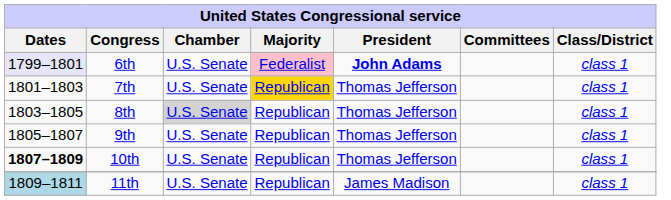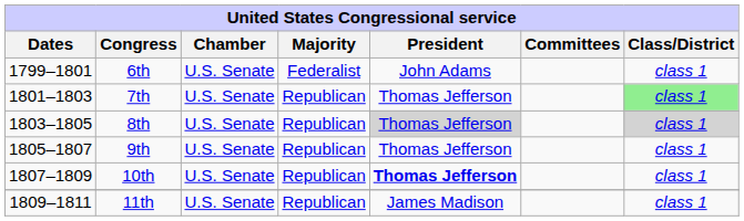 <table class=wikitable style="text-align: center;">
 <tr>
 <th colspan=7 style="background: #ccccff;">United States Congressional service</th>
 </tr>
 <tr>
 <th>Dates</th>
 <th>Congress</th>
 <th>Chamber</th>
 <th>Majority</th>
 <th>President</th>
 <th>Committees</th>
 <th>Class/District</th>
 </tr>
 <tr>
-<td style="background: lavender;">1799–1801</td>
+<td>1799–1801</td>
 <td><a href='#'>6th</a></td>
 <td><a href='#'>U.S. Senate</a></td>
-<td style="background: pink;"><a href='#'>Federalist</a></td>
-<td><strong><a href='#'>John Adams</a></strong></td>
+<td><a href='#'>Federalist</a></td>
+<td><a href='#'>John Adams</a></td>
 <td></td>
 <td><a href='#'><em>class 1</em></a></td>
 </tr>
 <tr>
 <td>1801–1803</td>
 <td><a href='#'>7th</a></td>
 <td><a href='#'>U.S. Senate</a></td>
-<td style="background: gold;"><a href='#'>Republican</a></td>
+<td><a href='#'>Republican</a></td>
 <td><a href='#'>Thomas Jefferson</a></td>
 <td></td>
-<td><a href='#'><em>class 1</em></a></td>
+<td style="background: lightgreen;"><a href='#'><em>class 1</em></a></td>
 </tr>
 <tr>
 <td>1803–1805</td>
 <td><a href='#'>8th</a></td>
-<td style="background: lightgrey;"><a href='#'>U.S. Senate</a></td>
+<td><a href='#'>U.S. Senate</a></td>
 <td><a href='#'>Republican</a></td>
-<td><a href='#'>Thomas Jefferson</a></td>
+<td style="background: lightgrey;"><a href='#'>Thomas Jefferson</a></td>
 <td></td>
-<td><a href='#'><em>class 1</em></a></td>
+<td style="background: lightgrey;"><a href='#'><em>class 1</em></a></td>
 </tr>
 <tr>
 <td>1805–1807</td>
 <td><a href='#'>9th</a></td>
 <td><a href='#'>U.S. Senate</a></td>
 <td><a href='#'>Republican</a></td>
 <td><a href='#'>Thomas Jefferson</a></td>
 <td></td>
 <td><a href='#'><em>class 1</em></a></td>
 </tr>
 <tr>
-<td><strong>1807–1809</strong></td>
+<td>1807–1809</td>
 <td><a href='#'>10th</a></td>
 <td><a href='#'>U.S. Senate</a></td>
 <td><a href='#'>Republican</a></td>
-<td><a href='#'>Thomas Jefferson</a></td>
+<td><strong><a href='#'>Thomas Jefferson</a></strong></td>
 <td></td>
 <td><a href='#'><em>class 1</em></a></td>
 </tr>
 <tr>
 </tr>
 <tr>
-<td style="background: lightblue;">1809–1811</td>
+<td>1809–1811</td>
 <td><a href='#'>11th</a></td>
 <td><a href='#'>U.S. Senate</a></td>
 <td><a href='#'>Republican</a></td>
 <td><a href='#'>James Madison</a></td>
 <td></td>
 <td><a href='#'><em>class 1</em></a></td>
 </tr>
 </table>
